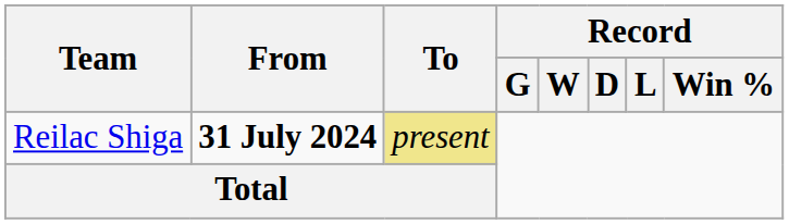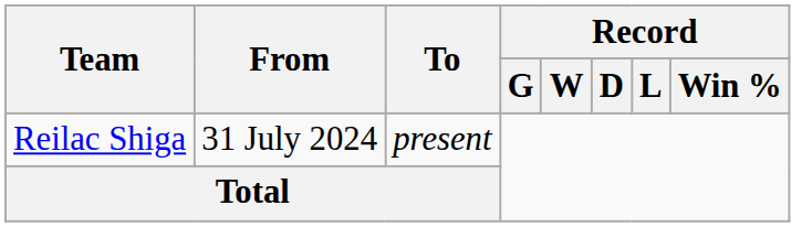 <table class="wikitable" style="text-align: center">
 <tr>
 <th rowspan="2">Team</th>
 <th rowspan="2">From</th>
 <th rowspan="2">To</th>
 <th colspan="5">Record</th>
 </tr>
 <tr>
 <th>G</th>
 <th>W</th>
 <th>D</th>
 <th>L</th>
 <th>Win %</th>
 </tr>
 <tr>
 <td align="left"><a href='#'>Reilac Shiga</a></td>
-<td align="left"><strong>31 July 2024</strong></td>
-<td align="left" style="background: khaki;"><em>present</em><br></td>
+<td align="left">31 July 2024</td>
+<td align="left"><em>present</em><br></td>
 </tr>
 <tr>
 <th colspan="3">Total<br></th>
 </tr>
 </table>
